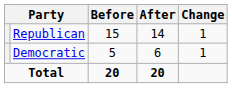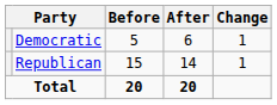 <table class="wikitable" style="text-align:center;">
 <tr>
 <th colspan="2">Party</th>
 <th>Before</th>
 <th>After</th>
 <th>Change</th>
 </tr>
 <tr>
 <th style="background-color:"></th>
-<td style="text-align:left;"><a href='#'>Republican</a></td>
-<td>15</td>
-<td>14</td>
+<td style="text-align:left;"><a href='#'>Democratic</a></td>
+<td>5</td>
+<td>6</td>
 <td> 1</td>
 </tr>
 <tr>
 <th style="background-color:"></th>
-<td style="text-align:left;"><a href='#'>Democratic</a></td>
-<td>5</td>
-<td>6</td>
+<td style="text-align:left;"><a href='#'>Republican</a></td>
+<td>15</td>
+<td>14</td>
 <td> 1</td>
 </tr>
 <tr>
 <td colspan="2"><strong>Total</strong></td>
 <td><strong>20</strong></td>
 <td><strong>20</strong></td>
 <td></td>
 </tr>
 </table>
